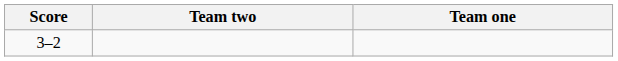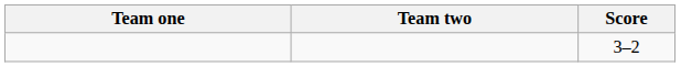 <table class="wikitable" style="text-align: center">
 <tr>
+<th width=250>Team one</th>
+<th width=250>Team two</th>
 <th width=80>Score</th>
-<th width=250>Team two</th>
-<th width=250>Team one</th>
 </tr>
 <tr>
-<td>3–2</td>
 <td></td>
 <td></td>
+<td>3–2</td>
 </tr>
 </table>
